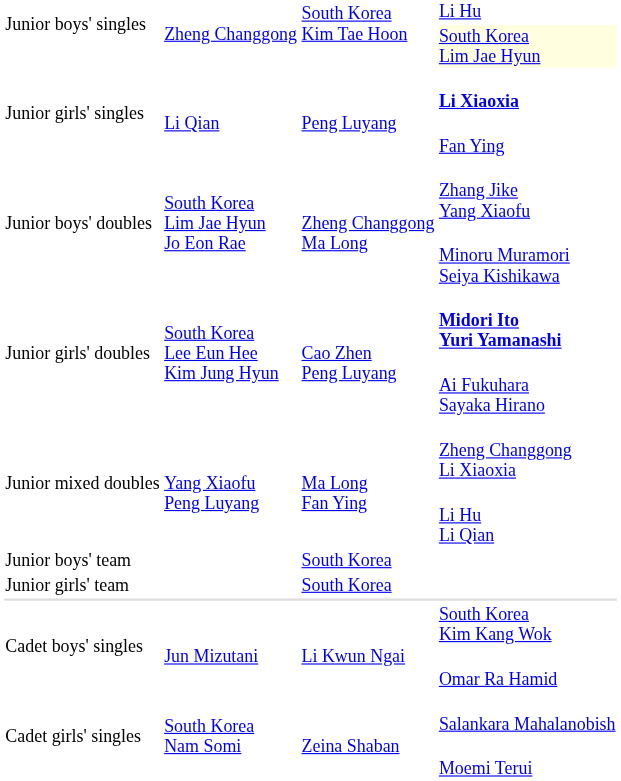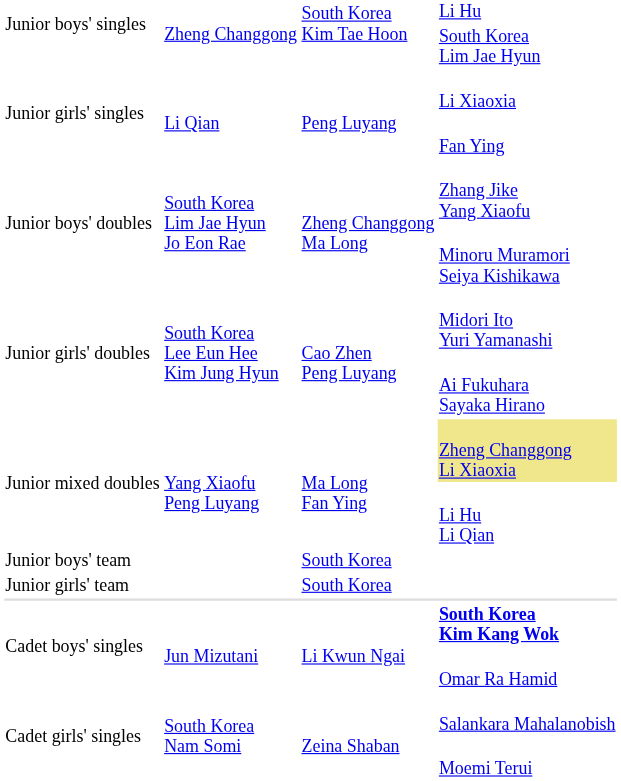 <table>
 <tr>
 <td rowspan=2>Junior boys' singles</td>
 <td rowspan=2><br><a href='#'>Zheng Changgong</a></td>
 <td rowspan=2> <a href='#'>South Korea</a><br><a href='#'>Kim Tae Hoon</a></td>
 <td><br><a href='#'>Li Hu</a></td>
 </tr>
 <tr>
-<td style="background: lightyellow;"> <a href='#'>South Korea</a><br><a href='#'>Lim Jae Hyun</a></td>
+<td> <a href='#'>South Korea</a><br><a href='#'>Lim Jae Hyun</a></td>
 </tr>
 <tr>
 <td rowspan=2>Junior girls' singles</td>
 <td rowspan=2><br><a href='#'>Li Qian</a></td>
 <td rowspan=2><br><a href='#'>Peng Luyang</a></td>
-<td><strong><br><a href='#'>Li Xiaoxia</a></strong></td>
+<td><br><a href='#'>Li Xiaoxia</a></td>
 </tr>
 <tr>
 <td><br><a href='#'>Fan Ying</a></td>
 </tr>
 <tr>
 <td rowspan=2>Junior boys' doubles</td>
 <td rowspan=2> <a href='#'>South Korea</a><br><a href='#'>Lim Jae Hyun</a><br><a href='#'>Jo Eon Rae</a></td>
 <td rowspan=2><br><a href='#'>Zheng Changgong</a><br><a href='#'>Ma Long</a></td>
 <td><br><a href='#'>Zhang Jike</a><br><a href='#'>Yang Xiaofu</a></td>
 </tr>
 <tr>
 <td><br><a href='#'>Minoru Muramori</a><br><a href='#'>Seiya Kishikawa</a></td>
 </tr>
 <tr>
 <td rowspan=2>Junior girls' doubles</td>
 <td rowspan=2> <a href='#'>South Korea</a><br><a href='#'>Lee Eun Hee</a><br><a href='#'>Kim Jung Hyun</a></td>
 <td rowspan=2><br><a href='#'>Cao Zhen</a><br><a href='#'>Peng Luyang</a></td>
-<td><strong><br><a href='#'>Midori Ito</a><br><a href='#'>Yuri Yamanashi</a></strong></td>
+<td><br><a href='#'>Midori Ito</a><br><a href='#'>Yuri Yamanashi</a></td>
 </tr>
 <tr>
 <td><br><a href='#'>Ai Fukuhara</a><br><a href='#'>Sayaka Hirano</a></td>
 </tr>
 <tr>
 <td rowspan=2>Junior mixed doubles</td>
 <td rowspan=2><br><a href='#'>Yang Xiaofu</a><br><a href='#'>Peng Luyang</a></td>
 <td rowspan=2><br><a href='#'>Ma Long</a><br><a href='#'>Fan Ying</a></td>
-<td><br><a href='#'>Zheng Changgong</a><br><a href='#'>Li Xiaoxia</a></td>
+<td style="background: khaki;"><br><a href='#'>Zheng Changgong</a><br><a href='#'>Li Xiaoxia</a></td>
 </tr>
 <tr>
 <td><br><a href='#'>Li Hu</a><br><a href='#'>Li Qian</a></td>
 </tr>
 <tr>
 <td rowspan=2>Junior boys' team</td>
 <td rowspan=2></td>
 <td rowspan=2> <a href='#'>South Korea</a></td>
 <td></td>
 </tr>
 <tr>
 <td></td>
 </tr>
 <tr>
 <td rowspan=2>Junior girls' team</td>
 <td rowspan=2></td>
 <td rowspan=2> <a href='#'>South Korea</a></td>
 <td></td>
 </tr>
 <tr>
 <td></td>
 </tr>
 <tr style="background:#dddddd;">
 <td colspan=7></td>
 </tr>
 <tr>
 <td rowspan=2>Cadet boys' singles</td>
 <td rowspan=2><br><a href='#'>Jun Mizutani</a></td>
 <td rowspan=2><br><a href='#'>Li Kwun Ngai</a></td>
-<td> <a href='#'>South Korea</a><br><a href='#'>Kim Kang Wok</a></td>
+<td><strong> <a href='#'>South Korea</a><br><a href='#'>Kim Kang Wok</a></strong></td>
 </tr>
 <tr>
 <td><br><a href='#'>Omar Ra Hamid</a></td>
 </tr>
 <tr>
 <td rowspan=2>Cadet girls' singles</td>
 <td rowspan=2> <a href='#'>South Korea</a><br><a href='#'>Nam Somi</a></td>
 <td rowspan=2><br><a href='#'>Zeina Shaban</a></td>
 <td><br><a href='#'>Salankara Mahalanobish</a></td>
 </tr>
 <tr>
 <td><br><a href='#'>Moemi Terui</a></td>
 </tr>
 </table>
